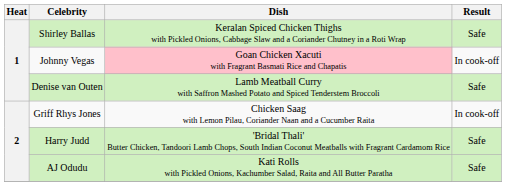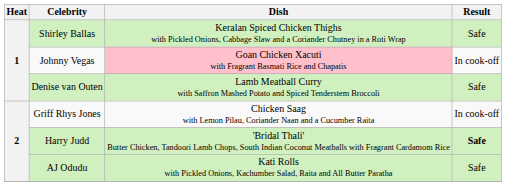 <table class="wikitable" style="text-align:center;">
 <tr>
 <th>Heat</th>
 <th>Celebrity</th>
 <th>Dish</th>
 <th>Result</th>
 </tr>
 <tr>
 <th rowspan="3">1</th>
 <td style="background:#d0f0c0;">Shirley Ballas</td>
 <td style="background:#d0f0c0;">Keralan Spiced Chicken Thighs<br><small>with Pickled Onions, Cabbage Slaw and a Coriander Chutney in a Roti Wrap</small></td>
 <td style="background:#d0f0c0;">Safe</td>
 </tr>
 <tr>
 <td>Johnny Vegas</td>
 <td style="background: pink;">Goan Chicken Xacuti<br><small>with Fragrant Basmati Rice and Chapatis</small></td>
 <td>In cook-off</td>
 </tr>
 <tr>
 <td style="background:#d0f0c0;">Denise van Outen</td>
 <td style="background:#d0f0c0;">Lamb Meatball Curry<br><small>with Saffron Mashed Potato and Spiced Tenderstem Broccoli</small></td>
 <td style="background:#d0f0c0;">Safe</td>
 </tr>
 <tr>
 <th rowspan="3">2</th>
 <td>Griff Rhys Jones</td>
 <td>Chicken Saag<br><small>with Lemon Pilau, Coriander Naan and a Cucumber Raita</small></td>
 <td>In cook-off</td>
 </tr>
 <tr>
 <td style="background:#d0f0c0;">Harry Judd</td>
 <td style="background:#d0f0c0;">'Bridal Thali'<br><small>Butter Chicken, Tandoori Lamb Chops, South Indian Coconut Meatballs with Fragrant Cardamom Rice</small></td>
-<td style="background:#d0f0c0;">Safe</td>
+<td style="background:#d0f0c0;"><strong>Safe</strong></td>
 </tr>
 <tr>
 <td style="background:#d0f0c0;">AJ Odudu</td>
 <td style="background:#d0f0c0;">Kati Rolls<br><small>with Pickled Onions, Kachumber Salad, Raita and All Butter Paratha</small></td>
 <td style="background:#d0f0c0;">Safe</td>
 </tr>
 <tr>
 </tr>
 </table>
